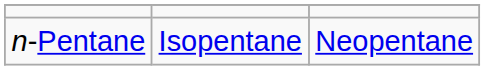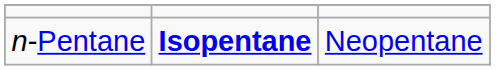 <table align="center" class="wikitable skin-invert-image">
 <tr>
 </tr>
 <tr>
 <td></td>
 <td></td>
 <td></td>
 </tr>
 <tr>
 <td><em>n</em>-<a href='#'>Pentane</a></td>
-<td><a href='#'>Isopentane</a></td>
+<td><strong><a href='#'>Isopentane</a></strong></td>
 <td><a href='#'>Neopentane</a></td>
 </tr>
 </table>
